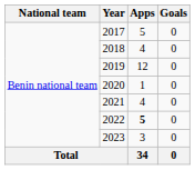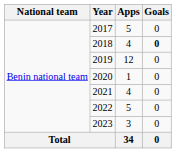 <table class="wikitable" style="text-align:center">
 <tr>
 <th>National team</th>
 <th>Year</th>
 <th>Apps</th>
 <th>Goals</th>
 </tr>
 <tr>
 <td rowspan="7"><a href='#'>Benin national team</a></td>
 <td>2017</td>
 <td>5</td>
 <td>0</td>
 </tr>
 <tr>
 <td>2018</td>
 <td>4</td>
-<td>0</td>
+<td><strong>0</strong></td>
 </tr>
 <tr>
 <td>2019</td>
 <td>12</td>
 <td>0</td>
 </tr>
 <tr>
 <td>2020</td>
 <td>1</td>
 <td>0</td>
 </tr>
 <tr>
 <td>2021</td>
 <td>4</td>
 <td>0</td>
 </tr>
 <tr>
 <td>2022</td>
-<td><strong>5</strong></td>
+<td>5</td>
 <td>0</td>
 </tr>
 <tr>
 <td>2023</td>
 <td>3</td>
 <td>0</td>
 </tr>
 <tr>
 <th colspan="2">Total</th>
 <th>34</th>
 <th>0</th>
 </tr>
 </table>
